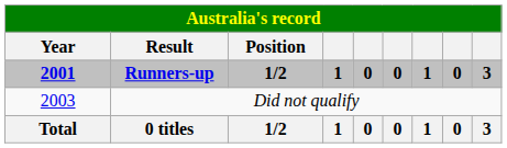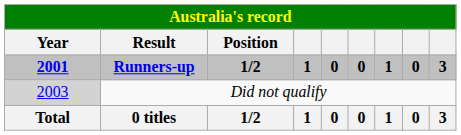 <table class="wikitable" style="text-align: center;">
 <tr>
 <th style="color:yellow; background:green;" colspan="9">Australia's <a href='#'></a> record</th>
 </tr>
 <tr>
 <th style="width:90px;">Year</th>
 <th style="width:100px;">Result</th>
 <th style="width:80px;">Position</th>
 <th style="width:20px;"></th>
 <th style="width:20px;"></th>
 <th style="width:20px;"></th>
 <th style="width:20px;"></th>
 <th style="width:20px;"></th>
 <th style="width:20px;"></th>
 </tr>
 <tr style="background:Silver;">
 <td><strong> <a href='#'>2001</a></strong></td>
 <td><strong><a href='#'>Runners-up</a></strong></td>
 <td><strong>1/2</strong></td>
 <td><strong>1</strong></td>
 <td><strong>0</strong></td>
 <td><strong>0</strong></td>
 <td><strong>1</strong></td>
 <td><strong>0</strong></td>
 <td><strong>3</strong></td>
 </tr>
 <tr>
-<td> <a href='#'>2003</a></td>
+<td style="background: lightgrey;"> <a href='#'>2003</a></td>
 <td colspan="8"><em>Did not qualify</em></td>
 </tr>
 <tr>
 <th>Total</th>
 <th>0 titles</th>
 <th>1/2</th>
 <th>1</th>
 <th>0</th>
 <th>0</th>
 <th>1</th>
 <th>0</th>
 <th>3</th>
 </tr>
 </table>
